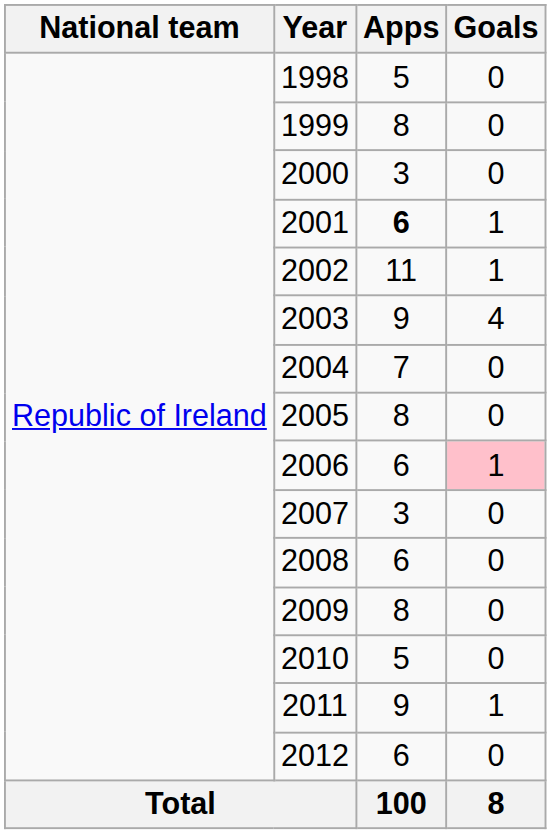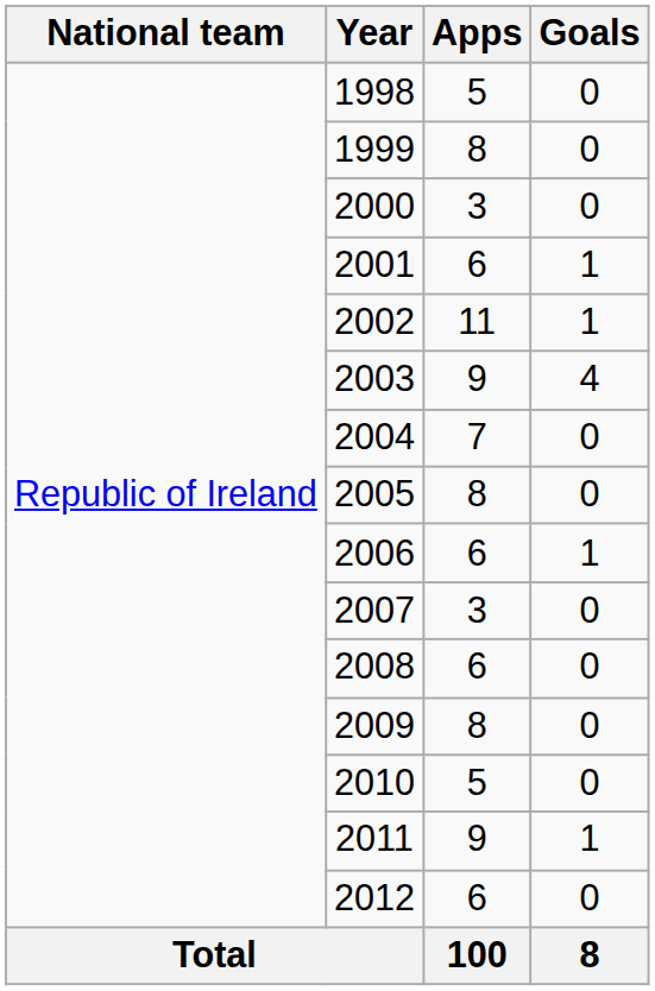 <table class="wikitable" style="text-align:center">
 <tr>
 <th>National team</th>
 <th>Year</th>
 <th>Apps</th>
 <th>Goals</th>
 </tr>
 <tr>
 <td rowspan="15"><a href='#'>Republic of Ireland</a></td>
 <td>1998</td>
 <td>5</td>
 <td>0</td>
 </tr>
 <tr>
 <td>1999</td>
 <td>8</td>
 <td>0</td>
 </tr>
 <tr>
 <td>2000</td>
 <td>3</td>
 <td>0</td>
 </tr>
 <tr>
 <td>2001</td>
-<td><strong>6</strong></td>
+<td>6</td>
 <td>1</td>
 </tr>
 <tr>
 <td>2002</td>
 <td>11</td>
 <td>1</td>
 </tr>
 <tr>
 <td>2003</td>
 <td>9</td>
 <td>4</td>
 </tr>
 <tr>
 <td>2004</td>
 <td>7</td>
 <td>0</td>
 </tr>
 <tr>
 <td>2005</td>
 <td>8</td>
 <td>0</td>
 </tr>
 <tr>
 <td>2006</td>
 <td>6</td>
-<td style="background: pink;">1</td>
+<td>1</td>
 </tr>
 <tr>
 <td>2007</td>
 <td>3</td>
 <td>0</td>
 </tr>
 <tr>
 <td>2008</td>
 <td>6</td>
 <td>0</td>
 </tr>
 <tr>
 <td>2009</td>
 <td>8</td>
 <td>0</td>
 </tr>
 <tr>
 <td>2010</td>
 <td>5</td>
 <td>0</td>
 </tr>
 <tr>
 <td>2011</td>
 <td>9</td>
 <td>1</td>
 </tr>
 <tr>
 <td>2012</td>
 <td>6</td>
 <td>0</td>
 </tr>
 <tr>
 <th colspan="2">Total</th>
 <th>100</th>
 <th>8</th>
 </tr>
 </table>
